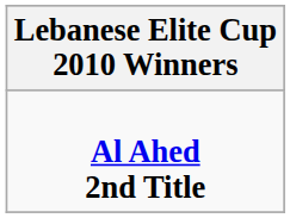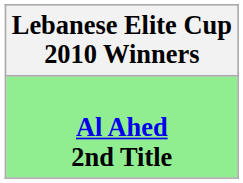 <table class="wikitable" style="text-align: center; margin: 0 auto;">
 <tr>
 <th>Lebanese Elite Cup <br>2010 Winners</th>
 </tr>
 <tr>
-<td><br><strong><a href='#'>Al Ahed</a></strong><br><strong>2nd Title</strong></td>
+<td style="background: lightgreen;"><br><strong><a href='#'>Al Ahed</a></strong><br><strong>2nd Title</strong></td>
 </tr>
 </table>
